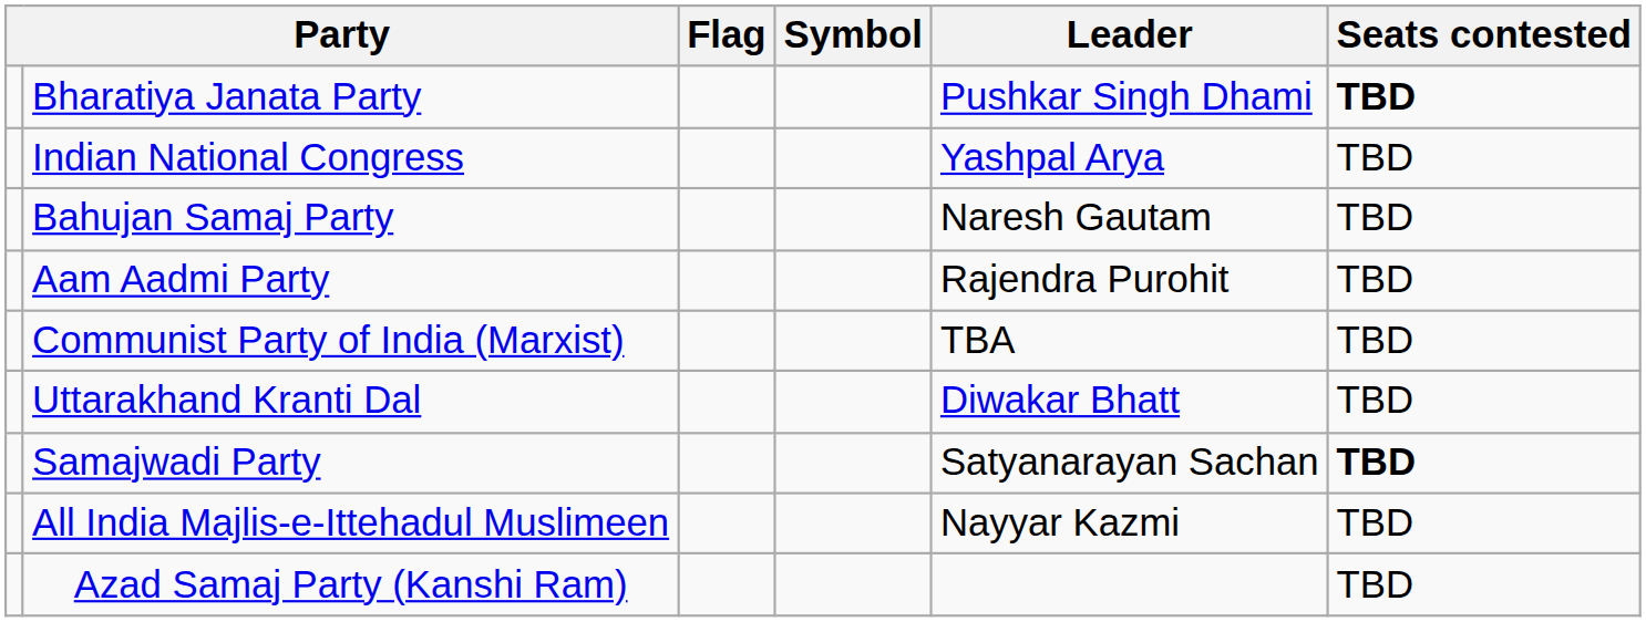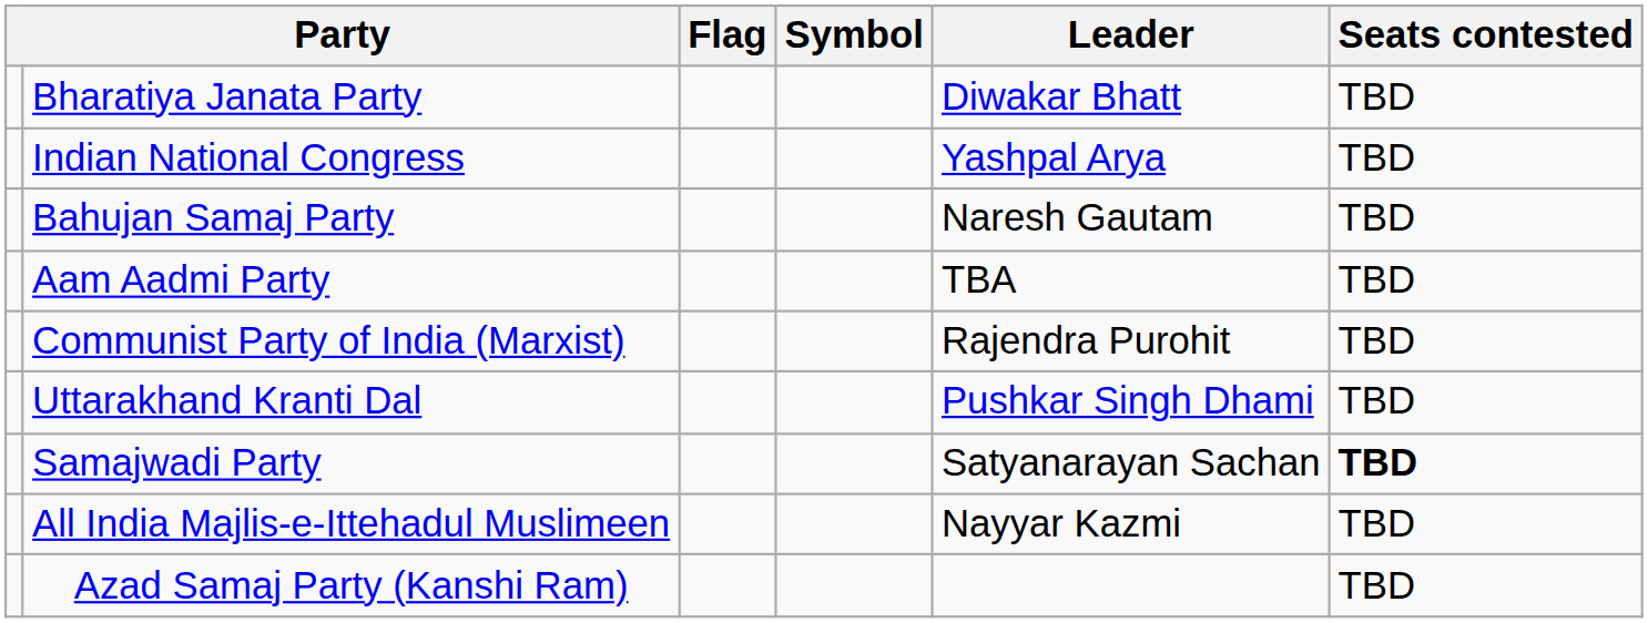 <table class="wikitable  defaultcenter col3left" style="font-size: 100%">
 <tr>
 <th colspan="2">Party</th>
 <th>Flag</th>
 <th>Symbol</th>
 <th>Leader</th>
 <th colspan="2">Seats contested</th>
 </tr>
 <tr>
 <td></td>
 <td><a href='#'>Bharatiya Janata Party</a></td>
 <td></td>
 <td></td>
-<td><a href='#'>Pushkar Singh Dhami</a></td>
-<td><strong>TBD</strong></td>
+<td><a href='#'>Diwakar Bhatt</a></td>
+<td>TBD</td>
 </tr>
 <tr>
 <td></td>
 <td><a href='#'>Indian National Congress</a></td>
 <td></td>
 <td></td>
 <td><a href='#'>Yashpal Arya</a></td>
 <td>TBD</td>
 </tr>
 <tr>
 <td></td>
 <td><a href='#'>Bahujan Samaj Party</a></td>
 <td></td>
 <td></td>
 <td>Naresh Gautam</td>
 <td>TBD</td>
 </tr>
 <tr>
 <td></td>
 <td><a href='#'>Aam Aadmi Party</a></td>
 <td></td>
 <td></td>
-<td>Rajendra Purohit</td>
+<td>TBA</td>
 <td>TBD</td>
 </tr>
 <tr>
 <td></td>
 <td><a href='#'>Communist Party of India (Marxist)</a></td>
 <td></td>
 <td></td>
-<td>TBA</td>
+<td>Rajendra Purohit</td>
 <td>TBD</td>
 </tr>
 <tr>
 <td></td>
 <td><a href='#'>Uttarakhand Kranti Dal</a></td>
 <td></td>
 <td></td>
-<td><a href='#'>Diwakar Bhatt</a></td>
+<td><a href='#'>Pushkar Singh Dhami</a></td>
 <td>TBD</td>
 </tr>
 <tr>
 <td></td>
 <td><a href='#'>Samajwadi Party</a></td>
 <td></td>
 <td></td>
 <td>Satyanarayan Sachan</td>
 <td><strong>TBD</strong></td>
 </tr>
 <tr>
 <td></td>
 <td><a href='#'>All India Majlis-e-Ittehadul Muslimeen</a></td>
 <td></td>
 <td></td>
 <td>Nayyar Kazmi</td>
 <td>TBD</td>
 </tr>
 <tr>
 <td style="text-align:center; background:"></td>
 <td style="text-align:center"><a href='#'>Azad Samaj Party (Kanshi Ram)</a></td>
 <td></td>
 <td></td>
 <td></td>
 <td>TBD</td>
 </tr>
 </table>
